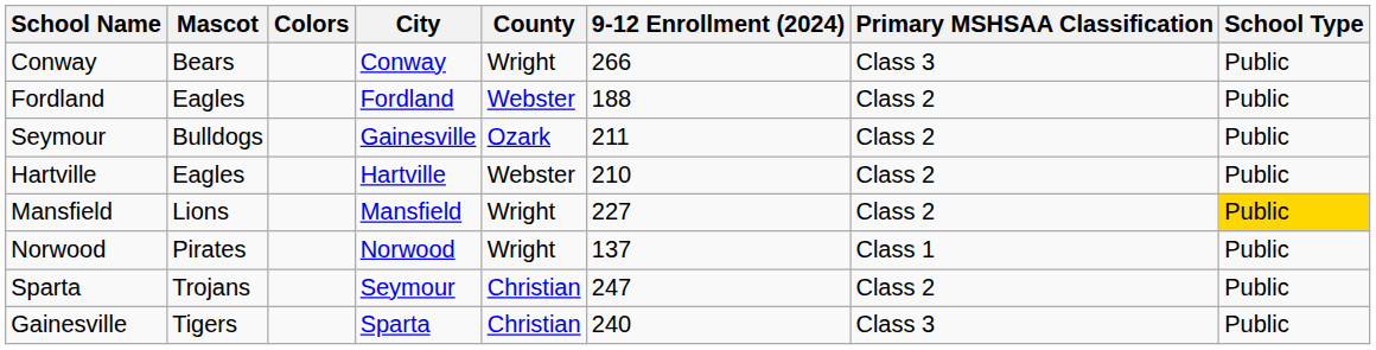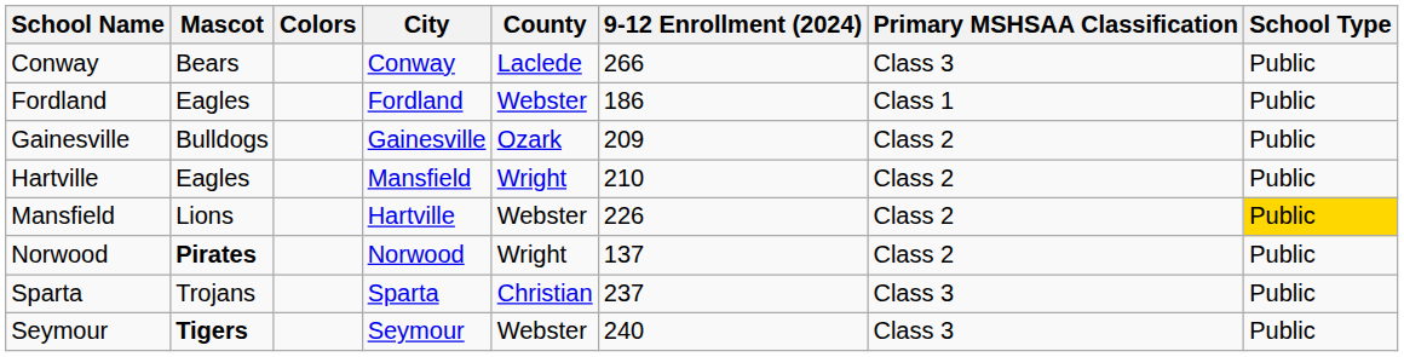 <table class="wikitable">
 <tr>
 <th>School Name</th>
 <th>Mascot</th>
 <th>Colors</th>
 <th>City</th>
 <th>County</th>
 <th>9-12 Enrollment (2024)</th>
 <th>Primary MSHSAA Classification</th>
 <th>School Type</th>
 </tr>
 <tr>
 <td>Conway</td>
 <td>Bears</td>
 <td> </td>
 <td><a href='#'>Conway</a></td>
-<td>Wright</td>
+<td><a href='#'>Laclede</a></td>
 <td>266</td>
 <td>Class 3</td>
 <td>Public</td>
 </tr>
 <tr>
 <td>Fordland</td>
 <td>Eagles</td>
 <td> </td>
 <td><a href='#'>Fordland</a></td>
 <td><a href='#'>Webster</a></td>
-<td>188</td>
-<td>Class 2</td>
+<td>186</td>
+<td>Class 1</td>
 <td>Public</td>
 </tr>
 <tr>
-<td>Seymour</td>
+<td>Gainesville</td>
 <td>Bulldogs</td>
 <td> </td>
 <td><a href='#'>Gainesville</a></td>
 <td><a href='#'>Ozark</a></td>
-<td>211</td>
+<td>209</td>
 <td>Class 2</td>
 <td>Public</td>
 </tr>
 <tr>
 <td>Hartville</td>
 <td>Eagles</td>
 <td> </td>
-<td><a href='#'>Hartville</a></td>
-<td>Webster</td>
+<td><a href='#'>Mansfield</a></td>
+<td><a href='#'>Wright</a></td>
 <td>210</td>
 <td>Class 2</td>
 <td>Public</td>
 </tr>
 <tr>
 <td>Mansfield</td>
 <td>Lions</td>
 <td> </td>
-<td><a href='#'>Mansfield</a></td>
-<td>Wright</td>
-<td>227</td>
+<td><a href='#'>Hartville</a></td>
+<td>Webster</td>
+<td>226</td>
 <td>Class 2</td>
 <td style="background: gold;">Public</td>
 </tr>
 <tr>
 <td>Norwood</td>
-<td>Pirates</td>
+<td><strong>Pirates</strong></td>
 <td> </td>
 <td><a href='#'>Norwood</a></td>
 <td>Wright</td>
 <td>137</td>
-<td>Class 1</td>
+<td>Class 2</td>
 <td>Public</td>
 </tr>
 <tr>
 <td>Sparta</td>
 <td>Trojans</td>
 <td></td>
-<td><a href='#'>Seymour</a></td>
+<td><a href='#'>Sparta</a></td>
 <td><a href='#'>Christian</a></td>
-<td>247</td>
-<td>Class 2</td>
+<td>237</td>
+<td>Class 3</td>
 <td>Public</td>
 </tr>
 <tr>
-<td>Gainesville</td>
-<td>Tigers</td>
+<td>Seymour</td>
+<td><strong>Tigers</strong></td>
 <td> </td>
-<td><a href='#'>Sparta</a></td>
-<td><a href='#'>Christian</a></td>
+<td><a href='#'>Seymour</a></td>
+<td>Webster</td>
 <td>240</td>
 <td>Class 3</td>
 <td>Public</td>
 </tr>
 </table>
